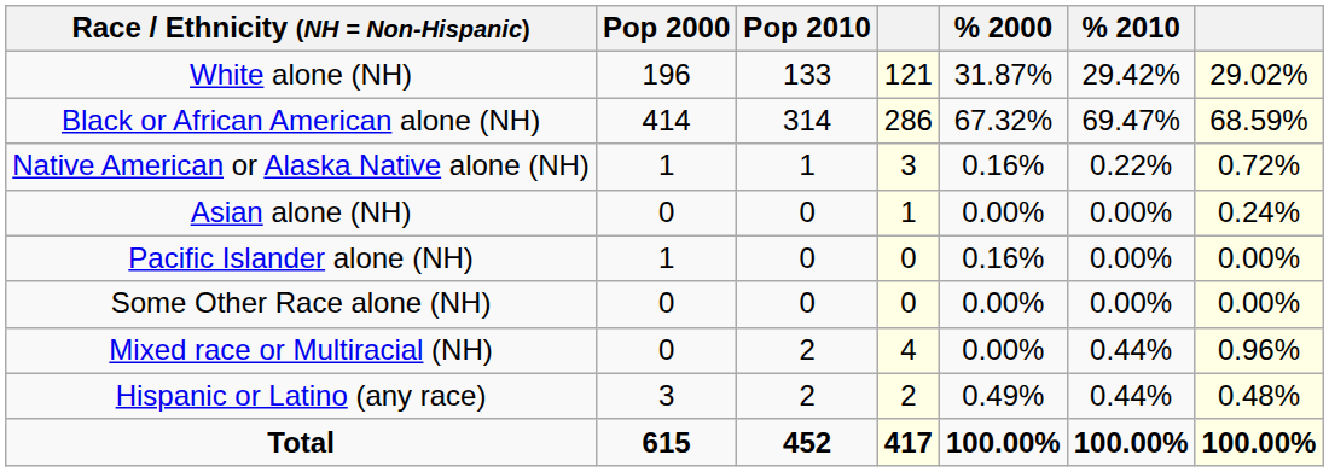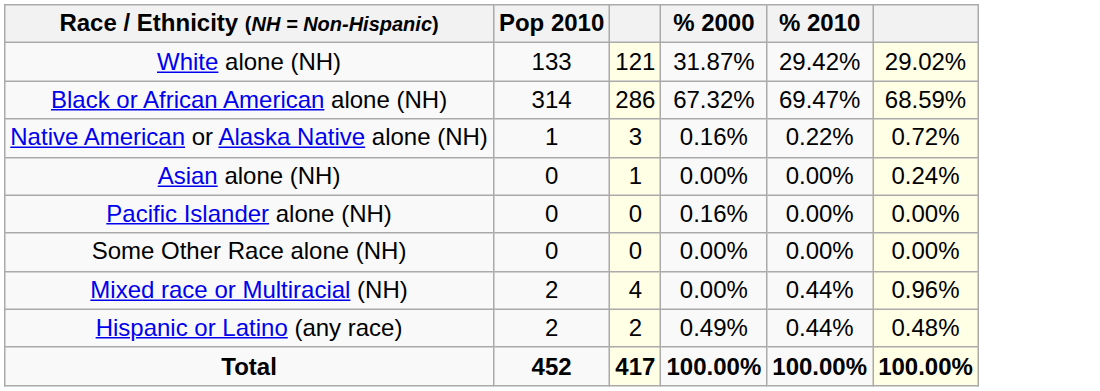 <table class="wikitable" style="text-align:center;">
 <tr>
 <th>Race / Ethnicity <small>(<em>NH = Non-Hispanic</em>)</small></th>
-<th>Pop 2000</th>
 <th>Pop 2010</th>
 <th></th>
 <th>% 2000</th>
 <th>% 2010</th>
 <th></th>
 </tr>
 <tr>
 <td><a href='#'>White</a> alone (NH)</td>
-<td>196</td>
 <td>133</td>
 <td style='background: #ffffe6;'>121</td>
 <td>31.87%</td>
 <td>29.42%</td>
 <td style='background: #ffffe6;'>29.02%</td>
 </tr>
 <tr>
 <td><a href='#'>Black or African American</a> alone (NH)</td>
-<td>414</td>
 <td>314</td>
 <td style='background: #ffffe6;'>286</td>
 <td>67.32%</td>
 <td>69.47%</td>
 <td style='background: #ffffe6;'>68.59%</td>
 </tr>
 <tr>
 <td><a href='#'>Native American</a> or <a href='#'>Alaska Native</a> alone (NH)</td>
 <td>1</td>
-<td>1</td>
 <td style='background: #ffffe6;'>3</td>
 <td>0.16%</td>
 <td>0.22%</td>
 <td style='background: #ffffe6;'>0.72%</td>
 </tr>
 <tr>
 <td><a href='#'>Asian</a> alone (NH)</td>
 <td>0</td>
-<td>0</td>
 <td style='background: #ffffe6;'>1</td>
 <td>0.00%</td>
 <td>0.00%</td>
 <td style='background: #ffffe6;'>0.24%</td>
 </tr>
 <tr>
 <td><a href='#'>Pacific Islander</a> alone (NH)</td>
-<td>1</td>
 <td>0</td>
 <td style='background: #ffffe6;'>0</td>
 <td>0.16%</td>
 <td>0.00%</td>
 <td style='background: #ffffe6;'>0.00%</td>
 </tr>
 <tr>
 <td>Some Other Race alone (NH)</td>
 <td>0</td>
-<td>0</td>
 <td style='background: #ffffe6;'>0</td>
 <td>0.00%</td>
 <td>0.00%</td>
 <td style='background: #ffffe6;'>0.00%</td>
 </tr>
 <tr>
 <td><a href='#'>Mixed race or Multiracial</a> (NH)</td>
-<td>0</td>
 <td>2</td>
 <td style='background: #ffffe6;'>4</td>
 <td>0.00%</td>
 <td>0.44%</td>
 <td style='background: #ffffe6;'>0.96%</td>
 </tr>
 <tr>
 <td><a href='#'>Hispanic or Latino</a> (any race)</td>
-<td>3</td>
 <td>2</td>
 <td style='background: #ffffe6;'>2</td>
 <td>0.49%</td>
 <td>0.44%</td>
 <td style='background: #ffffe6;'>0.48%</td>
 </tr>
 <tr>
 <td><strong>Total</strong></td>
-<td><strong>615</strong></td>
 <td><strong>452</strong></td>
 <td style='background: #ffffe6;'><strong>417</strong></td>
 <td><strong>100.00%</strong></td>
 <td><strong>100.00%</strong></td>
 <td style='background: #ffffe6;'><strong>100.00%</strong></td>
 </tr>
 </table>
